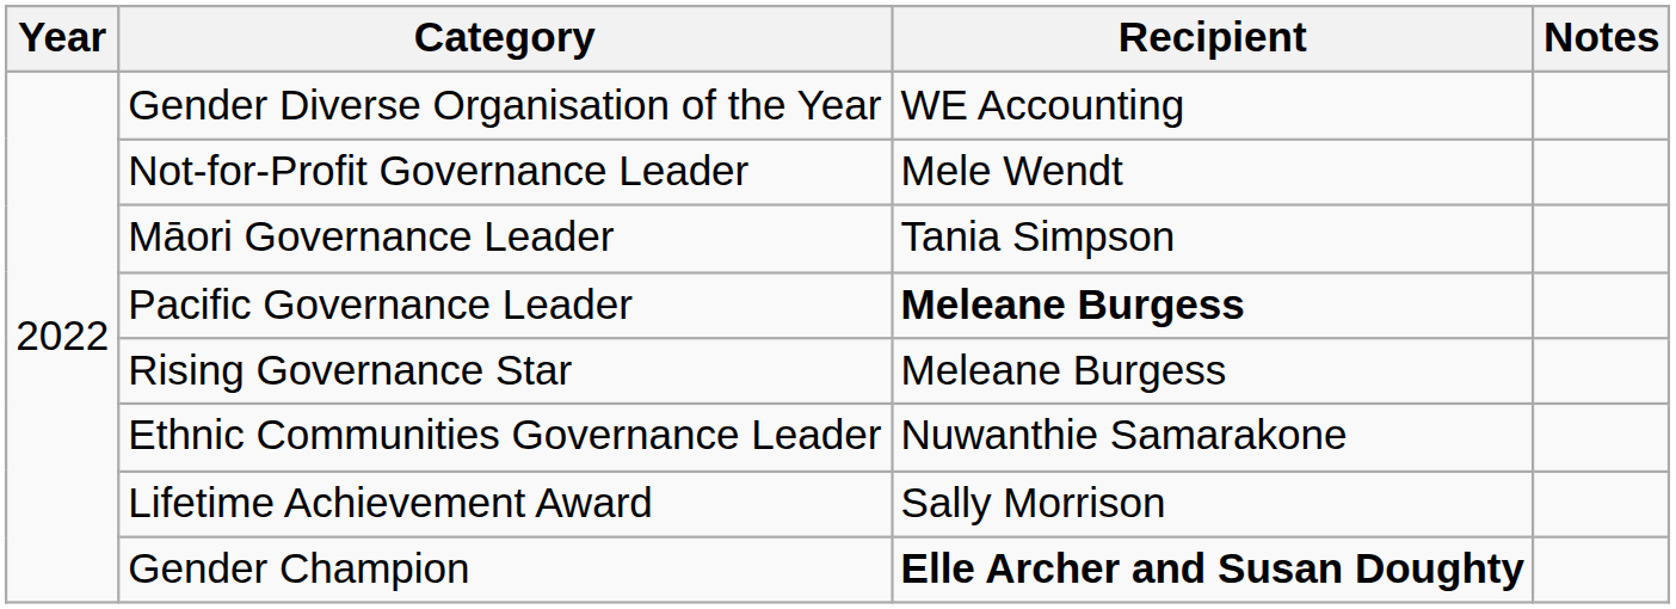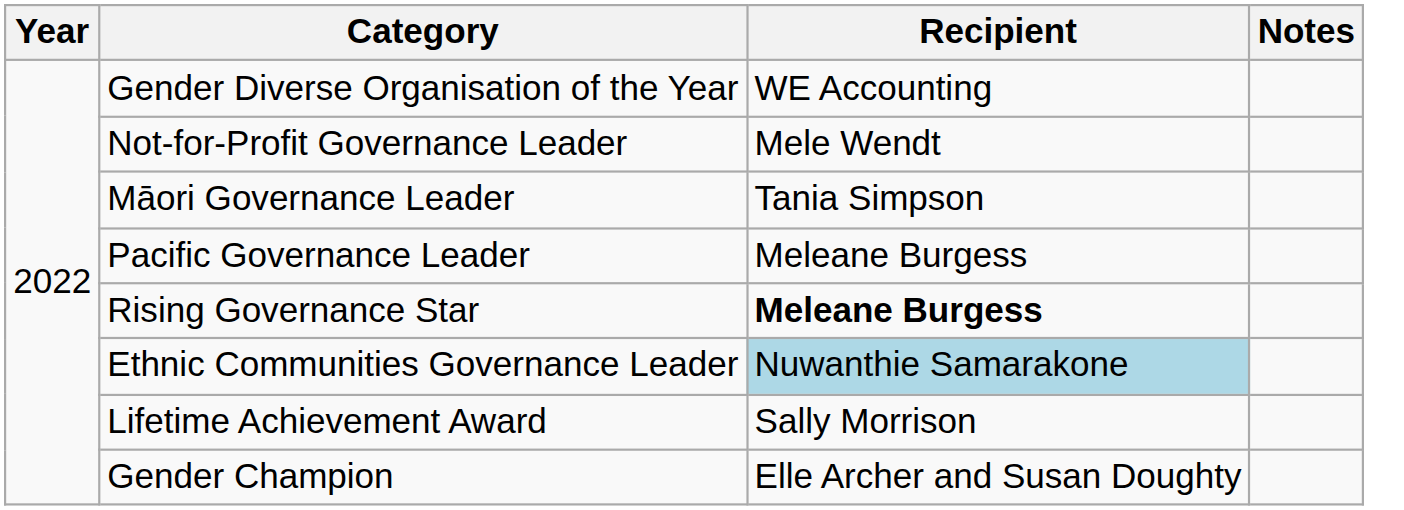 <table class="wikitable">
 <tr>
 <th>Year</th>
 <th>Category</th>
 <th>Recipient</th>
 <th>Notes</th>
 </tr>
 <tr>
 <td rowspan="8">2022</td>
 <td>Gender Diverse Organisation of the Year</td>
 <td>WE Accounting</td>
 <td></td>
 </tr>
 <tr>
 <td>Not-for-Profit Governance Leader</td>
 <td>Mele Wendt</td>
 <td></td>
 </tr>
 <tr>
 <td>Māori Governance Leader</td>
 <td>Tania Simpson</td>
 <td></td>
 </tr>
 <tr>
 <td>Pacific Governance Leader</td>
+<td>Meleane Burgess</td>
+<td></td>
+</tr>
+<tr>
+<td>Rising Governance Star</td>
 <td><strong>Meleane Burgess</strong></td>
 <td></td>
 </tr>
 <tr>
-<td>Rising Governance Star</td>
-<td>Meleane Burgess</td>
-<td></td>
-</tr>
-<tr>
 <td>Ethnic Communities Governance Leader</td>
-<td>Nuwanthie Samarakone</td>
+<td style="background: lightblue;">Nuwanthie Samarakone</td>
 <td></td>
 </tr>
 <tr>
 <td>Lifetime Achievement Award</td>
 <td>Sally Morrison</td>
 <td></td>
 </tr>
 <tr>
 <td>Gender Champion</td>
-<td><strong>Elle Archer and Susan Doughty</strong></td>
+<td>Elle Archer and Susan Doughty</td>
 <td></td>
 </tr>
 </table>
